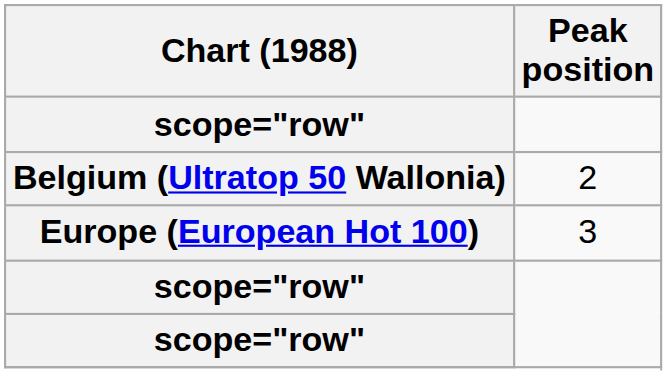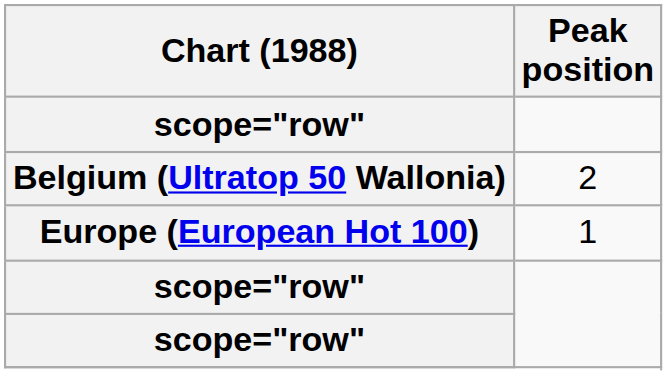 <table class="wikitable sortable plainrowheaders">
 <tr>
 <th>Chart (1988)</th>
 <th>Peak<br>position</th>
 </tr>
 <tr>
 <th>scope="row"</th>
 </tr>
 <tr>
 <th scope="row">Belgium (<a href='#'>Ultratop 50</a> Wallonia)</th>
 <td align="center">2</td>
 </tr>
 <tr>
 <th scope="row">Europe (<a href='#'>European Hot 100</a>)</th>
-<td align="center">3</td>
+<td align="center">1</td>
 </tr>
 <tr>
 <th>scope="row"</th>
 </tr>
 <tr>
 <th>scope="row"</th>
 </tr>
 <tr>
 </tr>
 </table>
